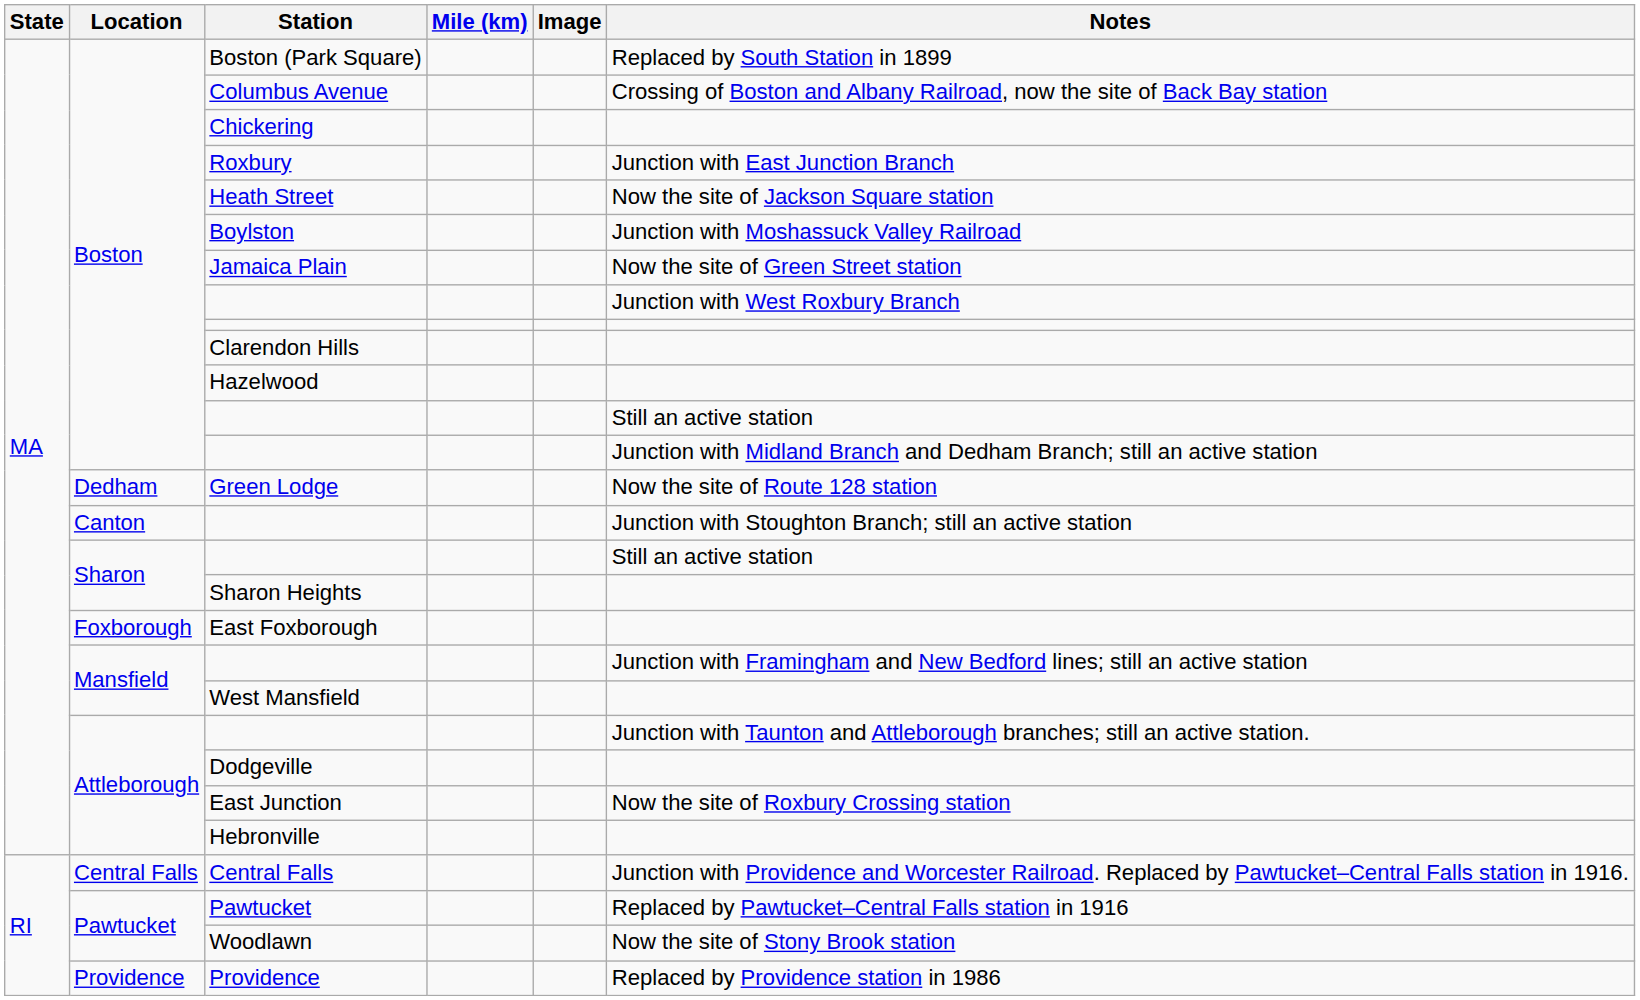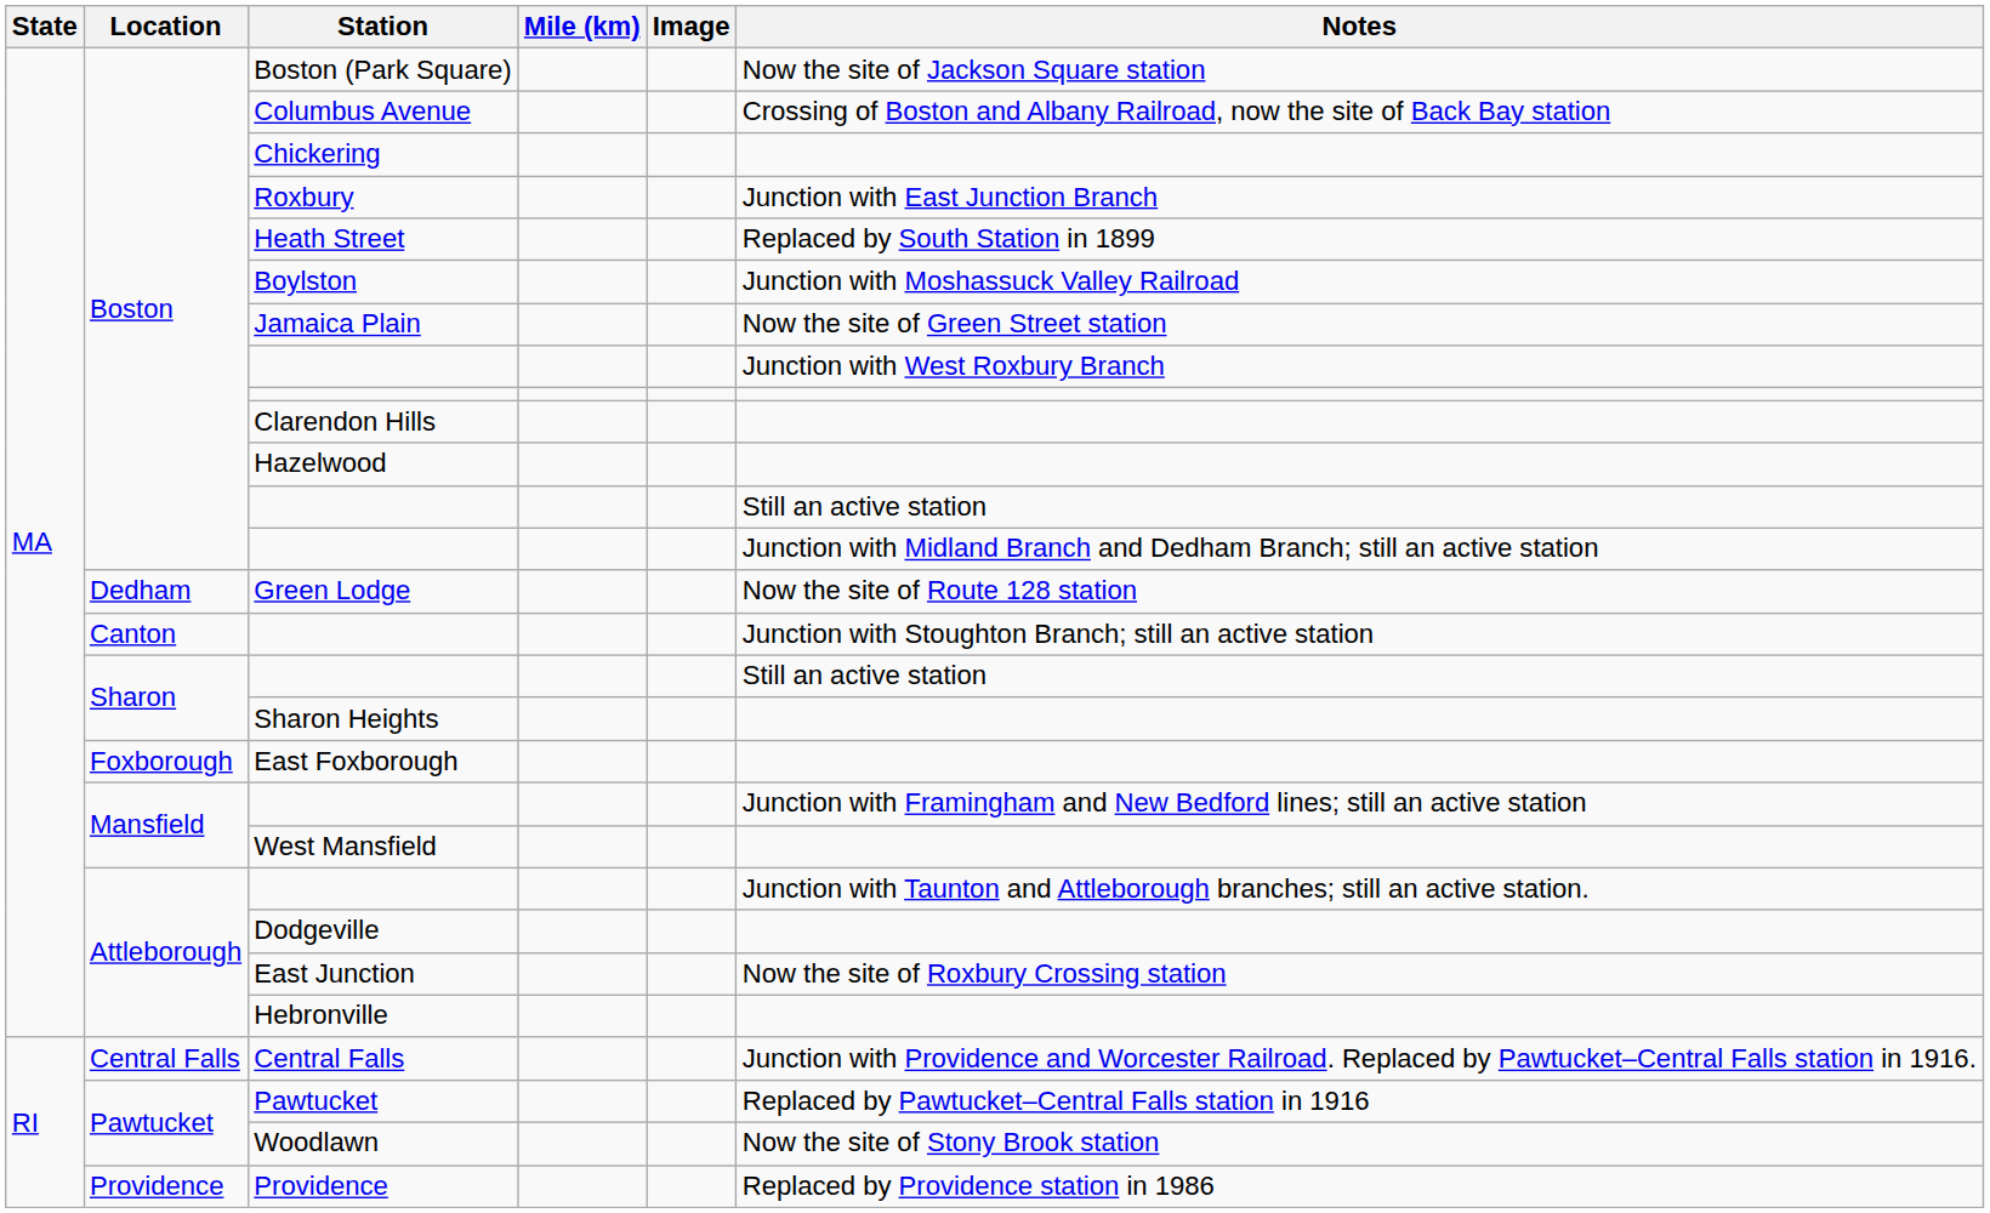 <table class="wikitable">
 <tr>
 <th>State</th>
 <th>Location</th>
 <th>Station</th>
 <th><a href='#'>Mile (km)</a></th>
 <th>Image</th>
 <th>Notes</th>
 </tr>
 <tr>
 <td rowspan=24><a href='#'>MA</a></td>
 <td rowspan=13><a href='#'>Boston</a></td>
 <td>Boston (Park Square)</td>
 <td></td>
 <td></td>
-<td>Replaced by <a href='#'>South Station</a> in 1899</td>
+<td>Now the site of <a href='#'>Jackson Square station</a></td>
 </tr>
 <tr>
 <td><a href='#'>Columbus Avenue</a></td>
 <td></td>
 <td></td>
 <td>Crossing of <a href='#'>Boston and Albany Railroad</a>, now the site of <a href='#'>Back Bay station</a></td>
 </tr>
 <tr>
 <td><a href='#'>Chickering</a></td>
 <td></td>
 <td></td>
 <td></td>
 </tr>
 <tr>
 <td><a href='#'>Roxbury</a></td>
 <td></td>
 <td></td>
 <td>Junction with <a href='#'>East Junction Branch</a></td>
 </tr>
 <tr>
 <td><a href='#'>Heath Street</a></td>
 <td></td>
 <td></td>
-<td>Now the site of <a href='#'>Jackson Square station</a></td>
+<td>Replaced by <a href='#'>South Station</a> in 1899</td>
 </tr>
 <tr>
 <td><a href='#'>Boylston</a></td>
 <td></td>
 <td></td>
 <td>Junction with <a href='#'>Moshassuck Valley Railroad</a></td>
 </tr>
 <tr>
 <td><a href='#'>Jamaica Plain</a></td>
 <td></td>
 <td></td>
 <td>Now the site of <a href='#'>Green Street station</a></td>
 </tr>
 <tr>
 <td></td>
 <td></td>
 <td></td>
 <td>Junction with <a href='#'>West Roxbury Branch</a></td>
 </tr>
 <tr>
 <td></td>
 <td></td>
 <td></td>
 <td></td>
 </tr>
 <tr>
 <td>Clarendon Hills</td>
 <td></td>
 <td></td>
 <td></td>
 </tr>
 <tr>
 <td>Hazelwood</td>
 <td></td>
 <td></td>
 <td></td>
 </tr>
 <tr>
 <td></td>
 <td></td>
 <td></td>
 <td>Still an active station</td>
 </tr>
 <tr>
 <td></td>
 <td></td>
 <td></td>
 <td>Junction with <a href='#'>Midland Branch</a> and Dedham Branch; still an active station</td>
 </tr>
 <tr>
 <td><a href='#'>Dedham</a></td>
 <td><a href='#'>Green Lodge</a></td>
 <td></td>
 <td></td>
 <td>Now the site of <a href='#'>Route 128 station</a></td>
 </tr>
 <tr>
 <td><a href='#'>Canton</a></td>
 <td></td>
 <td></td>
 <td></td>
 <td>Junction with Stoughton Branch; still an active station</td>
 </tr>
 <tr>
 <td rowspan=2><a href='#'>Sharon</a></td>
 <td></td>
 <td></td>
 <td></td>
 <td>Still an active station</td>
 </tr>
 <tr>
 <td>Sharon Heights</td>
 <td></td>
 <td></td>
 <td></td>
 </tr>
 <tr>
 <td><a href='#'>Foxborough</a></td>
 <td>East Foxborough</td>
 <td></td>
 <td></td>
 <td></td>
 </tr>
 <tr>
 <td rowspan=2><a href='#'>Mansfield</a></td>
 <td></td>
 <td></td>
 <td></td>
 <td>Junction with <a href='#'>Framingham</a> and <a href='#'>New Bedford</a> lines; still an active station</td>
 </tr>
 <tr>
 <td>West Mansfield</td>
 <td></td>
 <td></td>
 <td></td>
 </tr>
 <tr>
 <td rowspan=4><a href='#'>Attleborough</a></td>
 <td></td>
 <td></td>
 <td></td>
 <td>Junction with <a href='#'>Taunton</a> and <a href='#'>Attleborough</a> branches; still an active station.</td>
 </tr>
 <tr>
 <td>Dodgeville</td>
 <td></td>
 <td></td>
 <td></td>
 </tr>
 <tr>
 <td>East Junction</td>
 <td></td>
 <td></td>
 <td>Now the site of <a href='#'>Roxbury Crossing station</a></td>
 </tr>
 <tr>
 <td>Hebronville</td>
 <td></td>
 <td></td>
 <td></td>
 </tr>
 <tr>
 <td rowspan=5><a href='#'>RI</a></td>
 <td><a href='#'>Central Falls</a></td>
 <td><a href='#'>Central Falls</a></td>
 <td></td>
 <td></td>
 <td>Junction with <a href='#'>Providence and Worcester Railroad</a>. Replaced by <a href='#'>Pawtucket–Central Falls station</a> in 1916.</td>
 </tr>
 <tr>
 <td rowspan=2><a href='#'>Pawtucket</a></td>
 <td><a href='#'>Pawtucket</a></td>
 <td></td>
 <td></td>
 <td>Replaced by <a href='#'>Pawtucket–Central Falls station</a> in 1916</td>
 </tr>
 <tr>
 <td>Woodlawn</td>
 <td></td>
 <td></td>
 <td>Now the site of <a href='#'>Stony Brook station</a></td>
 </tr>
 <tr>
 <td><a href='#'>Providence</a></td>
 <td><a href='#'>Providence</a></td>
 <td></td>
 <td></td>
 <td>Replaced by <a href='#'>Providence station</a> in 1986</td>
 </tr>
 </table>
